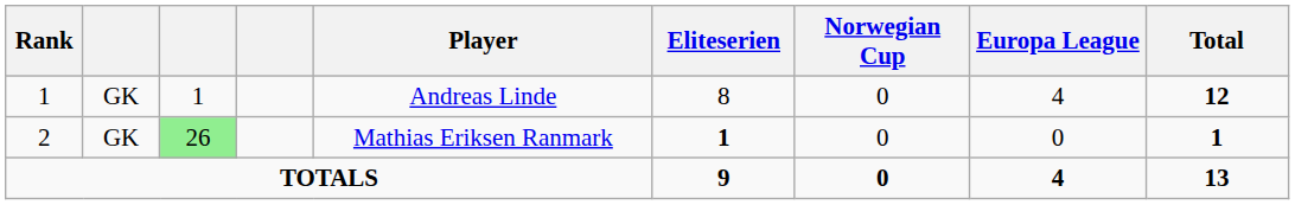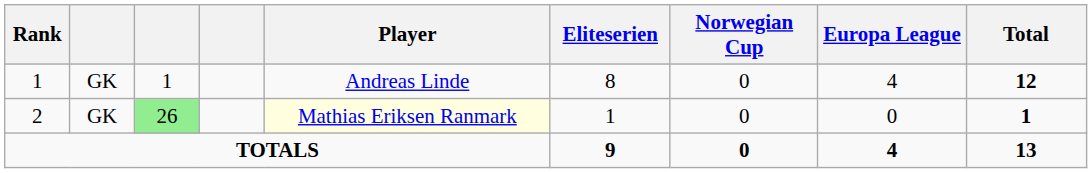 <table class="wikitable" style="font-size: 95%; text-align: center;">
 <tr>
 <th width=40>Rank</th>
 <th width=40></th>
 <th width=40></th>
 <th width=40></th>
 <th width=200>Player</th>
 <th width=80><a href='#'>Eliteserien</a></th>
 <th width=100><a href='#'>Norwegian Cup</a></th>
 <th width=100><a href='#'>Europa League</a></th>
 <th width=80><strong>Total</strong></th>
 </tr>
 <tr>
 <td>1</td>
 <td>GK</td>
 <td>1</td>
 <td></td>
 <td><a href='#'>Andreas Linde</a></td>
 <td>8</td>
 <td>0</td>
 <td>4</td>
 <td><strong>12</strong></td>
 </tr>
 <tr>
 <td>2</td>
 <td>GK</td>
 <td style="background: lightgreen;">26</td>
 <td></td>
-<td><a href='#'>Mathias Eriksen Ranmark</a></td>
-<td><strong>1</strong></td>
+<td style="background: lightyellow;"><a href='#'>Mathias Eriksen Ranmark</a></td>
+<td>1</td>
 <td>0</td>
 <td>0</td>
 <td><strong>1</strong></td>
 </tr>
 <tr>
 <td colspan="5"><strong>TOTALS</strong></td>
 <td><strong>9</strong></td>
 <td><strong>0</strong></td>
 <td><strong>4</strong></td>
 <td><strong>13</strong></td>
 </tr>
 </table>
